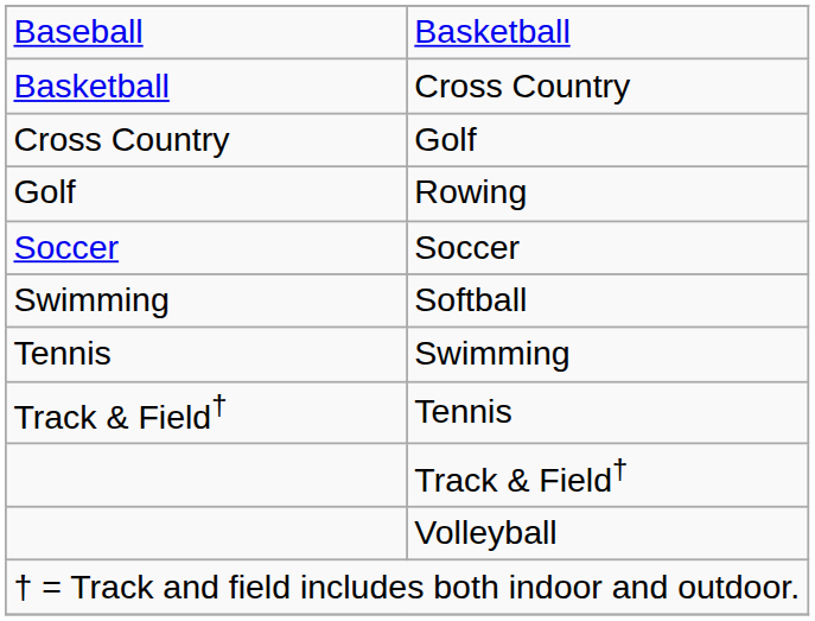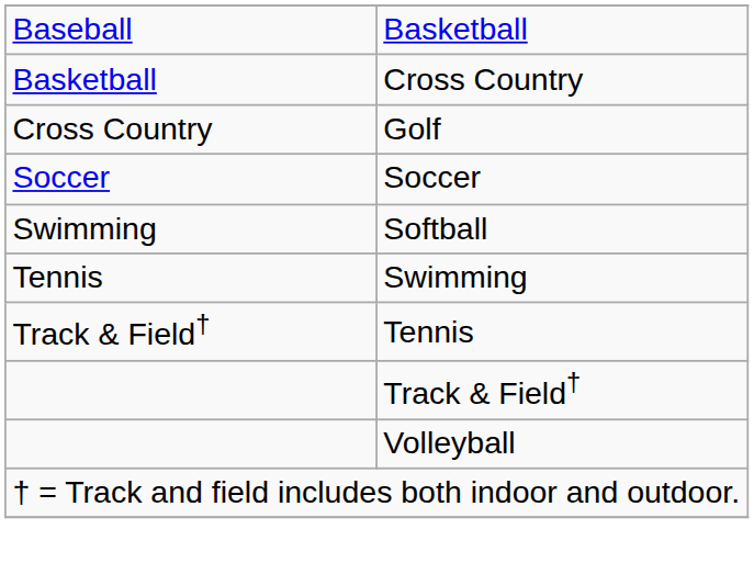 <table class="wikitable">
 <tr>
 </tr>
 <tr>
 <td><a href='#'>Baseball</a></td>
 <td><a href='#'>Basketball</a></td>
 </tr>
 <tr>
 <td><a href='#'>Basketball</a></td>
 <td>Cross Country</td>
 </tr>
 <tr>
 <td>Cross Country</td>
 <td>Golf</td>
-</tr>
-<tr>
-<td>Golf</td>
-<td>Rowing</td>
 </tr>
 <tr>
 <td><a href='#'>Soccer</a></td>
 <td>Soccer</td>
 </tr>
 <tr>
 <td>Swimming</td>
 <td>Softball</td>
 </tr>
 <tr>
 <td>Tennis</td>
 <td>Swimming</td>
 </tr>
 <tr>
 <td>Track & Field<sup>†</sup></td>
 <td>Tennis</td>
 </tr>
 <tr>
 <td></td>
 <td>Track & Field<sup>†</sup></td>
 </tr>
 <tr>
 <td></td>
 <td>Volleyball</td>
 </tr>
 <tr>
 <td colspan="2">† = Track and field includes both indoor and outdoor.</td>
 </tr>
 <tr>
 </tr>
 </table>
